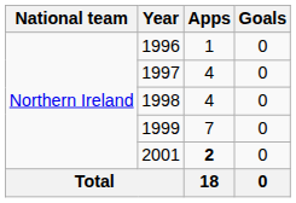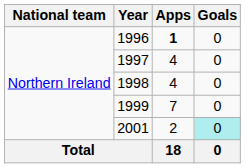 <table class=wikitable style="text-align: center;">
 <tr>
 <th>National team</th>
 <th>Year</th>
 <th>Apps</th>
 <th>Goals</th>
 </tr>
 <tr>
 <td rowspan=5><a href='#'>Northern Ireland</a></td>
 <td>1996</td>
-<td>1</td>
+<td><strong>1</strong></td>
 <td>0</td>
 </tr>
 <tr>
 <td>1997</td>
 <td>4</td>
 <td>0</td>
 </tr>
 <tr>
 <td>1998</td>
 <td>4</td>
 <td>0</td>
 </tr>
 <tr>
 <td>1999</td>
 <td>7</td>
 <td>0</td>
 </tr>
 <tr>
 <td>2001</td>
-<td><strong>2</strong></td>
-<td>0</td>
+<td>2</td>
+<td style="background: paleturquoise;">0</td>
 </tr>
 <tr>
 <th colspan=2>Total</th>
 <th>18</th>
 <th>0</th>
 </tr>
 </table>
